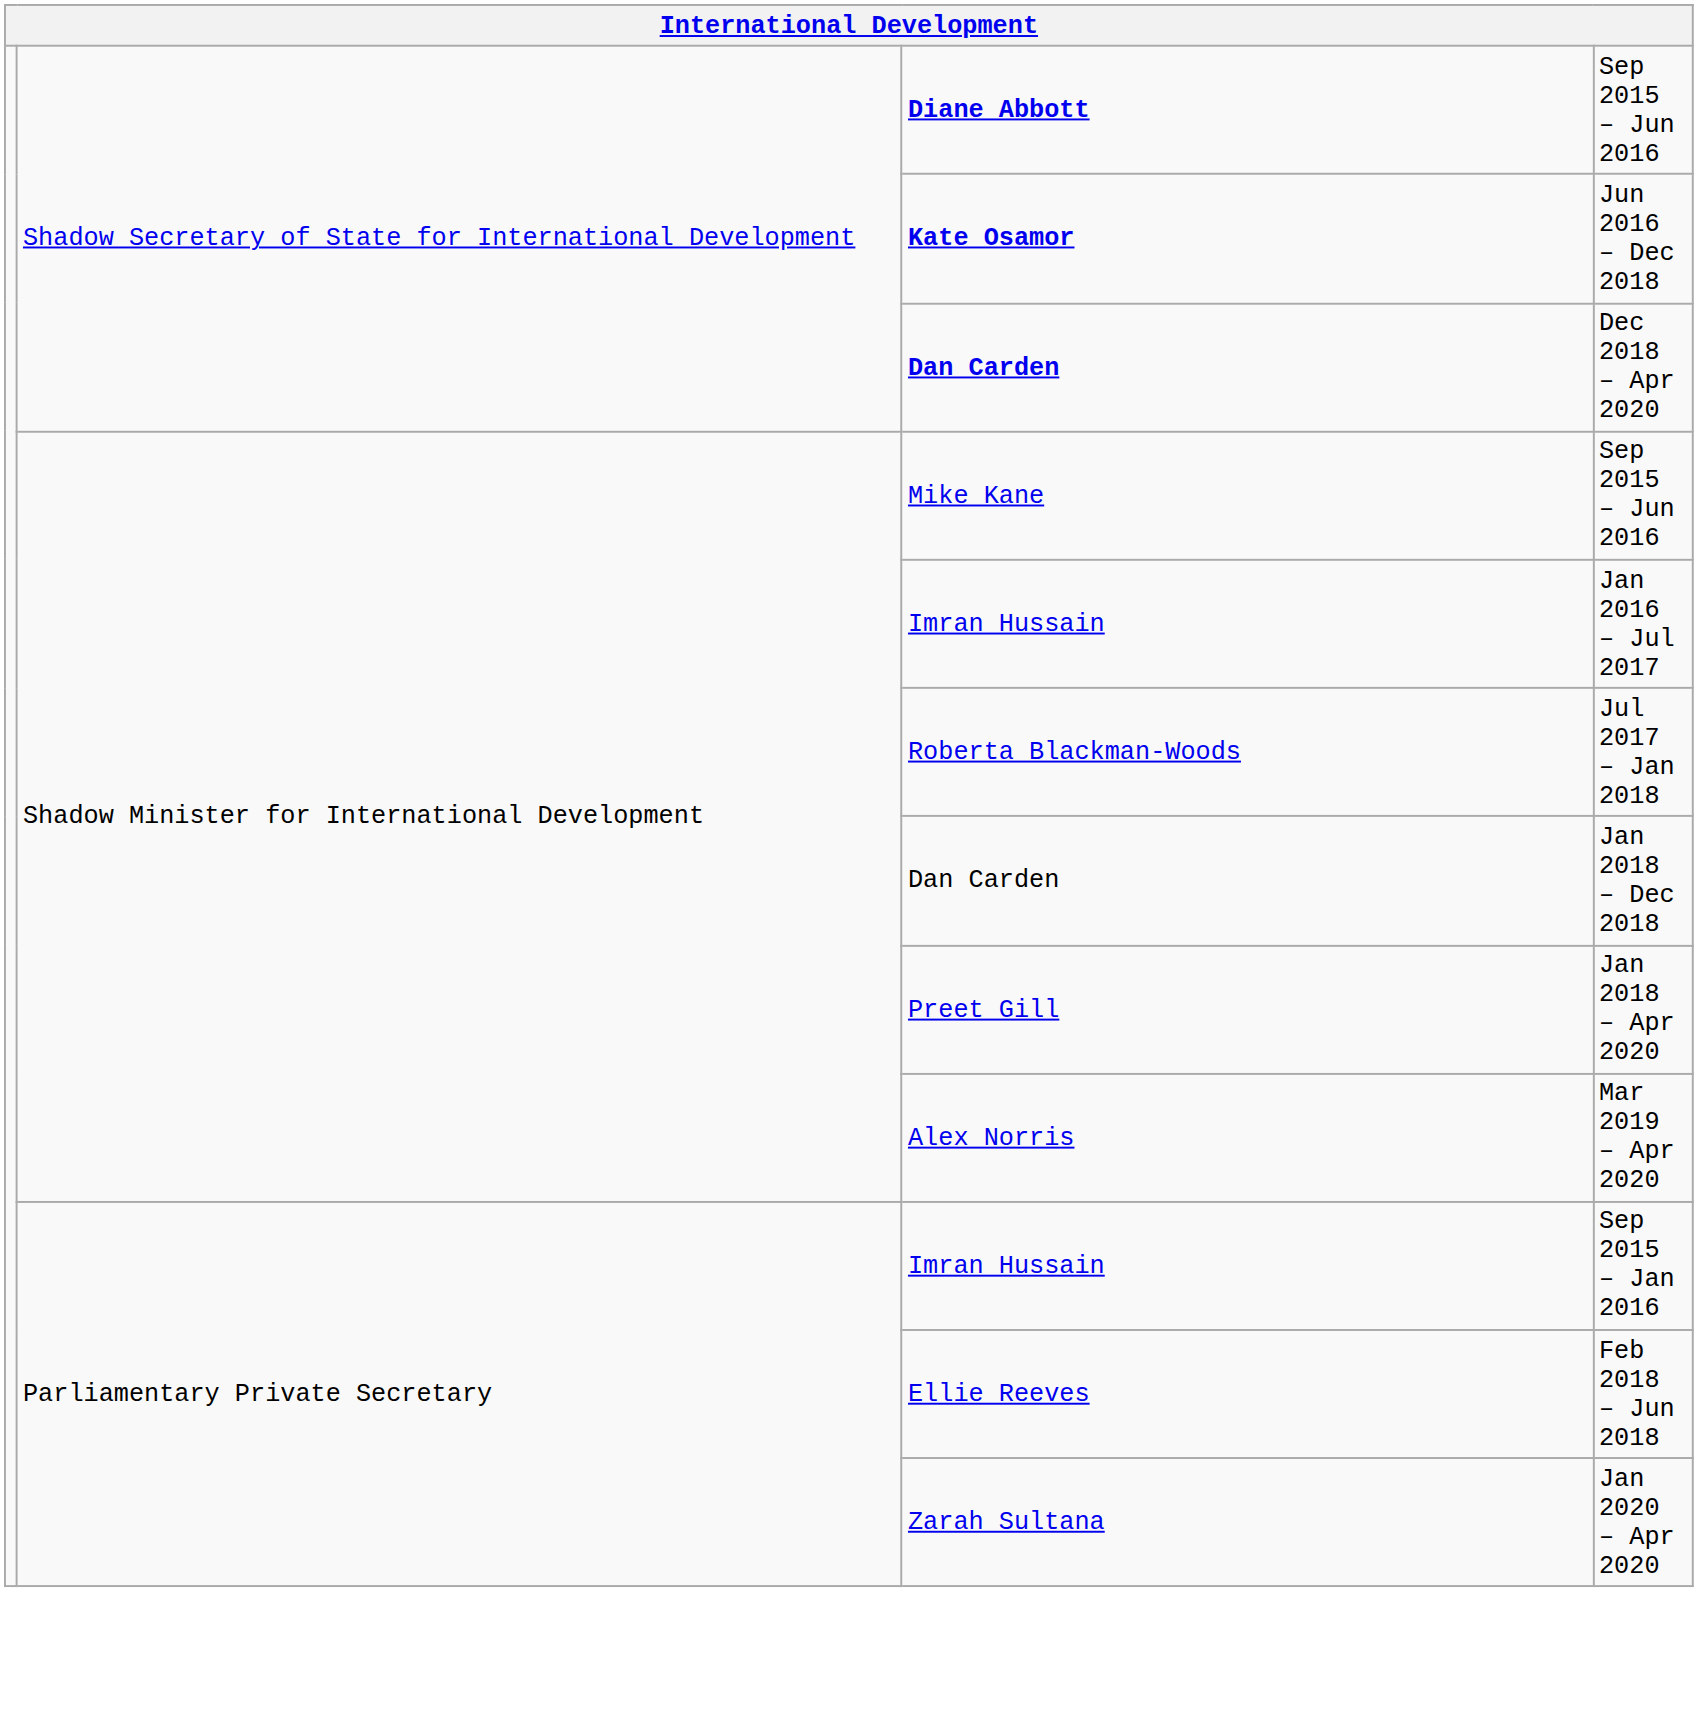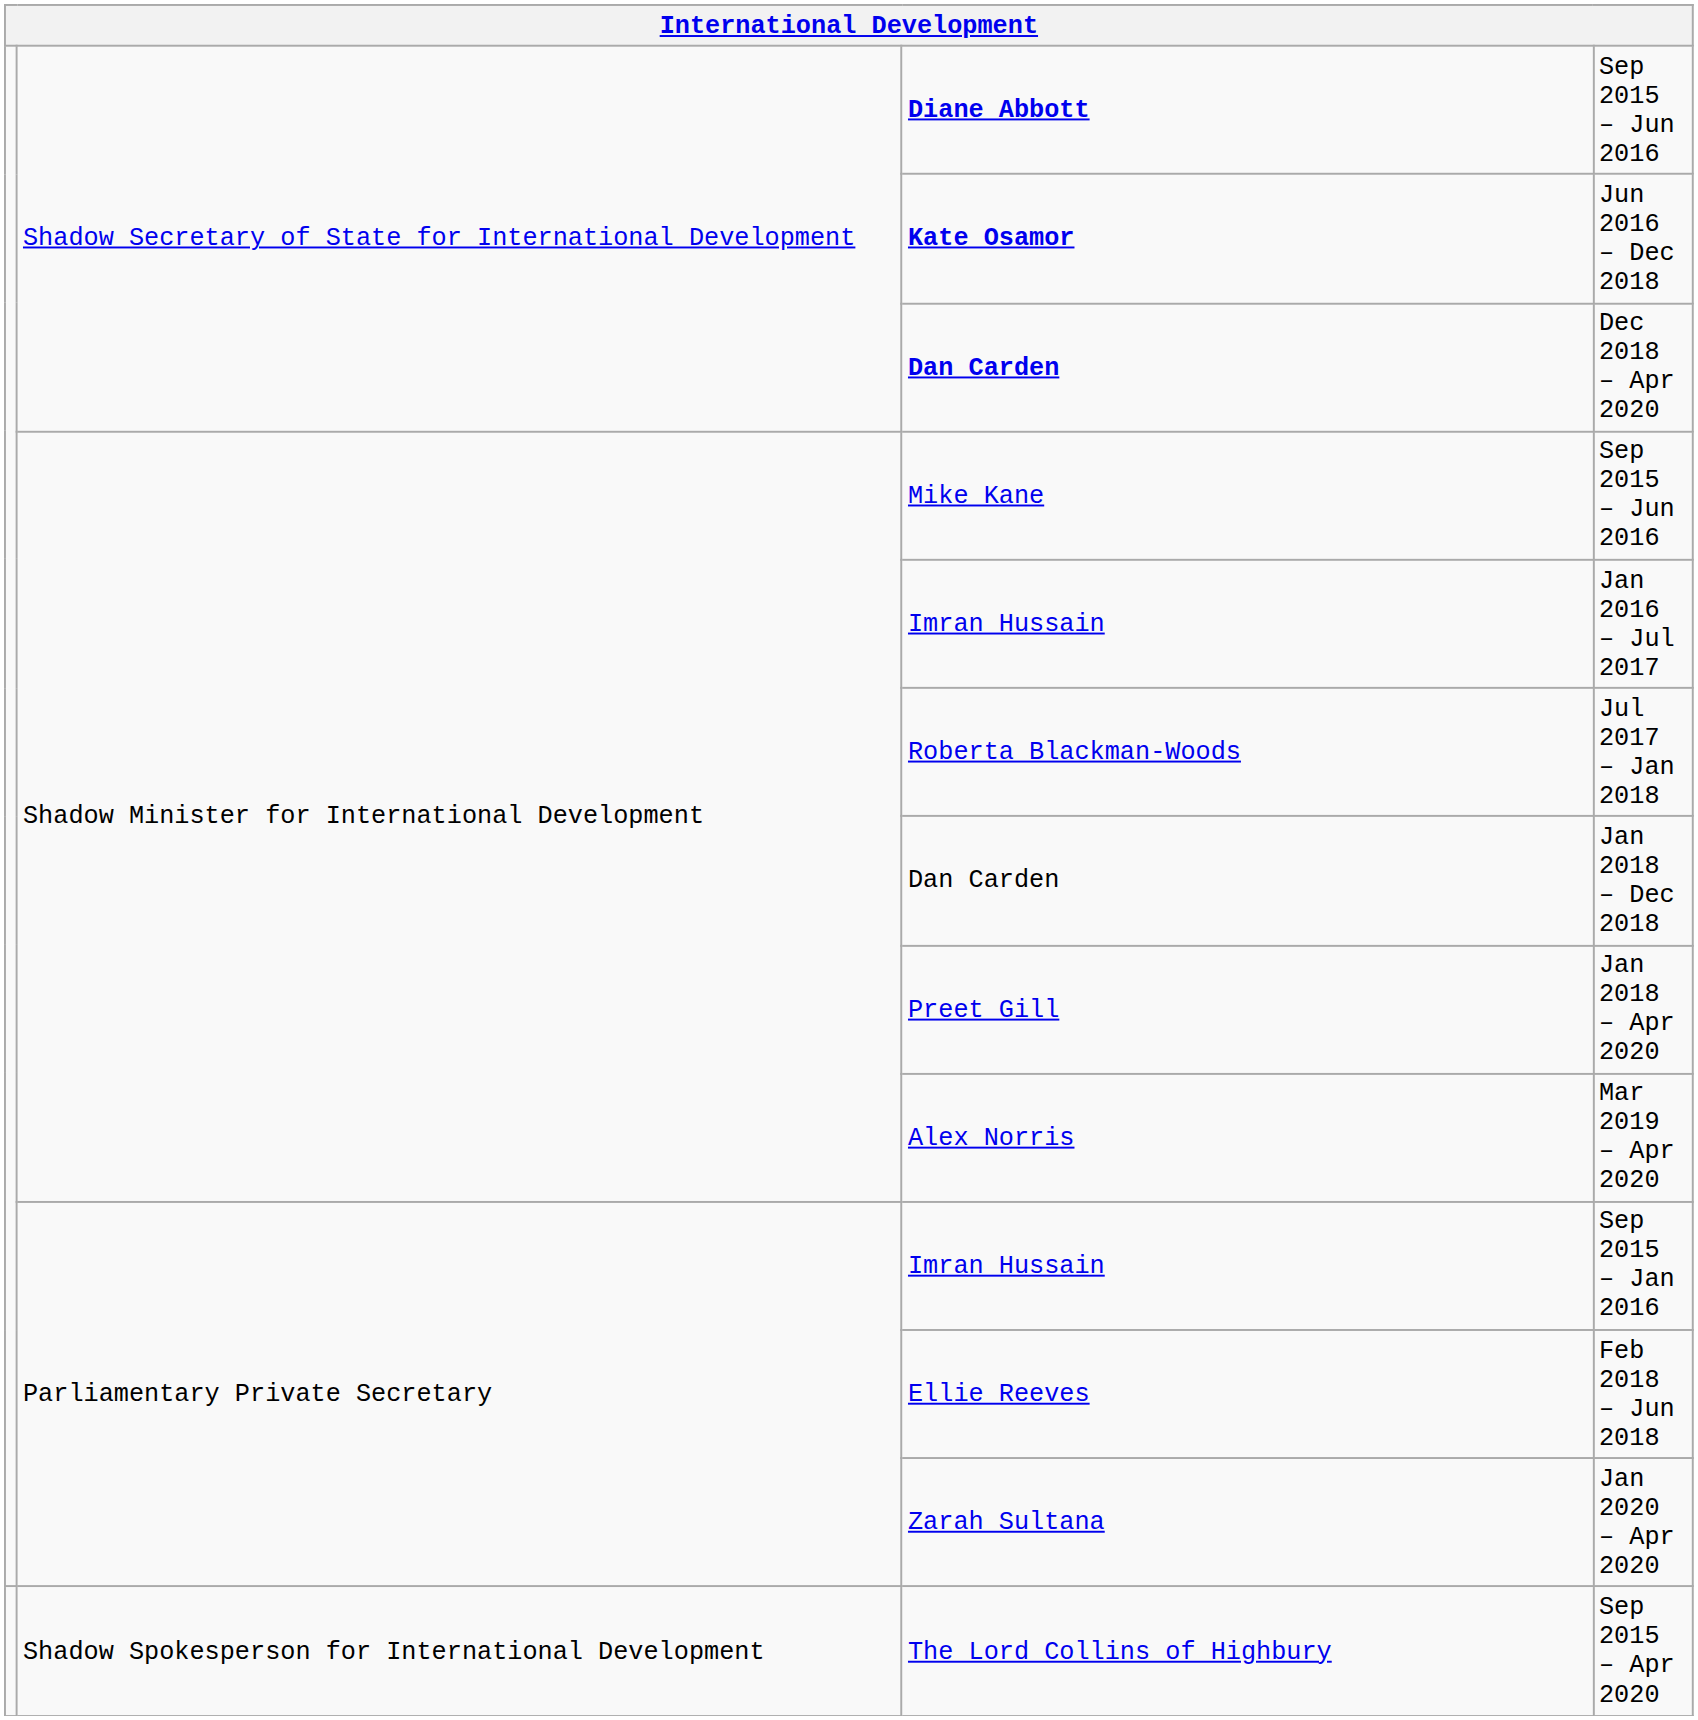 <table class="wikitable">
 <tr>
 <th colspan="4"><a href='#'>International Development</a></th>
 </tr>
 <tr>
 <td rowspan="12" style="background: "></td>
 <td rowspan="3" style="width: 450px;"><a href='#'>Shadow Secretary of State for International Development</a></td>
 <td style="width: 350px;"><strong><a href='#'>Diane Abbott</a></strong></td>
 <td>Sep 2015 – Jun 2016</td>
 </tr>
 <tr>
 <td><strong><a href='#'>Kate Osamor</a></strong></td>
 <td>Jun 2016 – Dec 2018</td>
 </tr>
 <tr>
 <td><strong><a href='#'>Dan Carden</a></strong></td>
 <td>Dec 2018 – Apr 2020</td>
 </tr>
 <tr>
 <td rowspan="6">Shadow Minister for International Development</td>
 <td><a href='#'>Mike Kane</a></td>
 <td>Sep 2015 – Jun 2016</td>
 </tr>
 <tr>
 <td><a href='#'>Imran Hussain</a></td>
 <td>Jan 2016 – Jul 2017</td>
 </tr>
 <tr>
 <td><a href='#'>Roberta Blackman-Woods</a></td>
 <td>Jul 2017 – Jan 2018</td>
 </tr>
 <tr>
 <td>Dan Carden</td>
 <td>Jan 2018 – Dec 2018</td>
 </tr>
 <tr>
 <td><a href='#'>Preet Gill</a></td>
 <td>Jan 2018 – Apr 2020</td>
 </tr>
 <tr>
 <td><a href='#'>Alex Norris</a></td>
 <td>Mar 2019 – Apr 2020</td>
 </tr>
 <tr>
 <td rowspan="3">Parliamentary Private Secretary</td>
 <td><a href='#'>Imran Hussain</a></td>
 <td>Sep 2015 – Jan 2016</td>
 </tr>
 <tr>
 <td><a href='#'>Ellie Reeves</a></td>
 <td>Feb 2018 – Jun 2018</td>
 </tr>
 <tr>
 <td><a href='#'>Zarah Sultana</a></td>
 <td>Jan 2020 – Apr 2020</td>
 </tr>
+<tr>
+<td style="background: "></td>
+<td>Shadow Spokesperson for International Development</td>
+<td><a href='#'>The Lord Collins of Highbury</a></td>
+<td>Sep 2015 – Apr 2020</td>
+</tr>
 </table>
